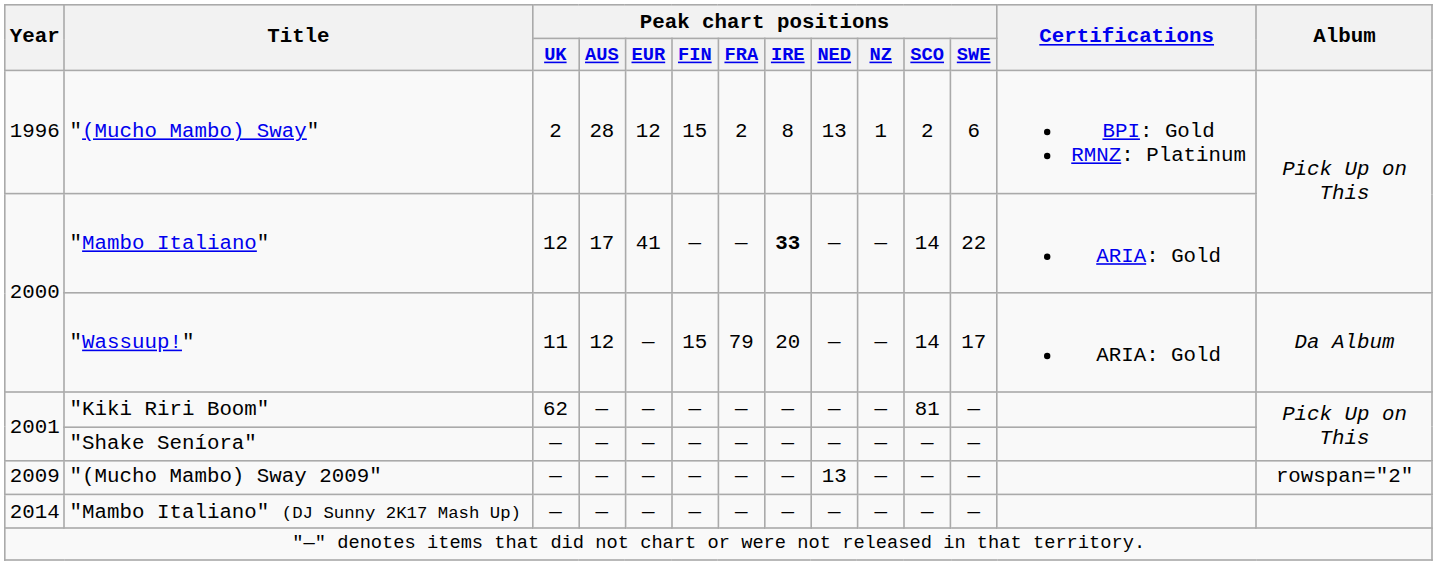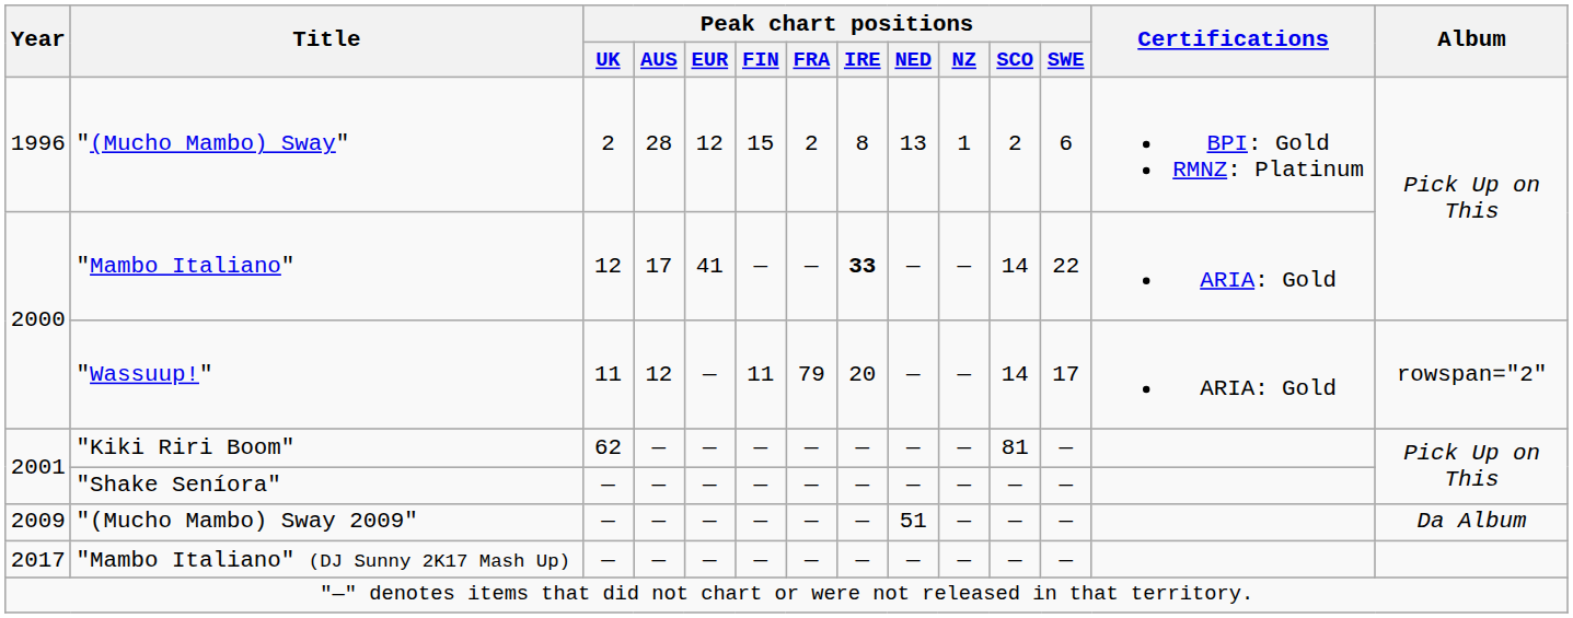 <table class="wikitable" style="text-align:center;">
 <tr>
 <th rowspan="2" style="width:2em;">Year</th>
 <th rowspan="2" style="width:22em;">Title</th>
 <th colspan="10">Peak chart positions</th>
 <th rowspan="2" style="width:12em;"><a href='#'>Certifications</a></th>
 <th rowspan="2" style="width:8em;">Album</th>
 </tr>
 <tr>
 <th style="width:2em;font-size:90%;"><a href='#'>UK</a><br></th>
 <th style="width:2em;font-size:90%;"><a href='#'>AUS</a><br></th>
 <th style="width:2em;font-size:90%;"><a href='#'>EUR</a><br></th>
 <th style="width:2em;font-size:90%;"><a href='#'>FIN</a><br></th>
 <th style="width:2em;font-size:90%;"><a href='#'>FRA</a><br></th>
 <th style="width:2em;font-size:90%;"><a href='#'>IRE</a><br></th>
 <th style="width:2em;font-size:90%;"><a href='#'>NED</a><br></th>
 <th style="width:2em;font-size:90%;"><a href='#'>NZ</a><br></th>
 <th style="width:2em;font-size:90%;"><a href='#'>SCO</a><br></th>
 <th style="width:2em;font-size:90%;"><a href='#'>SWE</a><br></th>
 </tr>
 <tr>
 <td>1996</td>
 <td style="text-align:left;">"<a href='#'>(Mucho Mambo) Sway</a>"</td>
 <td>2</td>
 <td>28</td>
 <td>12</td>
 <td>15</td>
 <td>2</td>
 <td>8</td>
 <td>13</td>
 <td>1</td>
 <td>2</td>
 <td>6</td>
 <td><br><ul><li><a href='#'>BPI</a>: Gold</li><li><a href='#'>RMNZ</a>: Platinum</li></ul></td>
 <td rowspan="2"><em>Pick Up on This</em></td>
 </tr>
 <tr>
 <td rowspan="2">2000</td>
 <td style="text-align:left;">"<a href='#'>Mambo Italiano</a>"</td>
 <td>12</td>
 <td>17</td>
 <td>41</td>
 <td>—</td>
 <td>—</td>
 <td><strong>33</strong></td>
 <td>—</td>
 <td>—</td>
 <td>14</td>
 <td>22</td>
 <td><br><ul><li><a href='#'>ARIA</a>: Gold</li></ul></td>
 </tr>
 <tr>
 <td style="text-align:left;">"<a href='#'>Wassuup!</a>" </td>
 <td>11</td>
 <td>12</td>
 <td>—</td>
-<td>15</td>
+<td>11</td>
 <td>79</td>
 <td>20</td>
 <td>—</td>
 <td>—</td>
 <td>14</td>
 <td>17</td>
 <td><br><ul><li>ARIA: Gold</li></ul></td>
-<td><em>Da Album</em></td>
+<td>rowspan="2" </td>
 </tr>
 <tr>
 <td rowspan="2">2001</td>
 <td style="text-align:left;">"Kiki Riri Boom"</td>
 <td>62</td>
 <td>—</td>
 <td>—</td>
 <td>—</td>
 <td>—</td>
 <td>—</td>
 <td>—</td>
 <td>—</td>
 <td>81</td>
 <td>—</td>
 <td></td>
 <td rowspan="2"><em>Pick Up on This</em></td>
 </tr>
 <tr>
 <td style="text-align:left;">"Shake Seníora"</td>
 <td>—</td>
 <td>—</td>
 <td>—</td>
 <td>—</td>
 <td>—</td>
 <td>—</td>
 <td>—</td>
 <td>—</td>
 <td>—</td>
 <td>—</td>
 <td></td>
 </tr>
 <tr>
 <td>2009</td>
 <td style="text-align:left;">"(Mucho Mambo) Sway 2009"</td>
 <td>—</td>
 <td>—</td>
 <td>—</td>
 <td>—</td>
 <td>—</td>
 <td>—</td>
-<td>13</td>
+<td>51</td>
 <td>—</td>
 <td>—</td>
 <td>—</td>
 <td></td>
-<td>rowspan="2" </td>
+<td><em>Da Album</em></td>
 </tr>
 <tr>
-<td>2014</td>
+<td>2017</td>
 <td style="text-align:left;">"Mambo Italiano" <small>(DJ Sunny 2K17 Mash Up)</small></td>
 <td>—</td>
 <td>—</td>
 <td>—</td>
 <td>—</td>
 <td>—</td>
 <td>—</td>
 <td>—</td>
 <td>—</td>
 <td>—</td>
 <td>—</td>
 <td></td>
 </tr>
 <tr>
 <td colspan="15" style="font-size:90%">"—" denotes items that did not chart or were not released in that territory.</td>
 </tr>
 </table>
